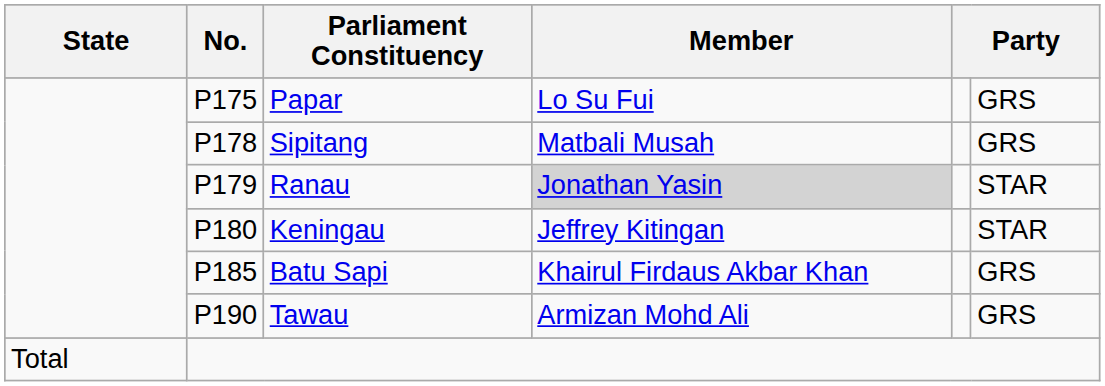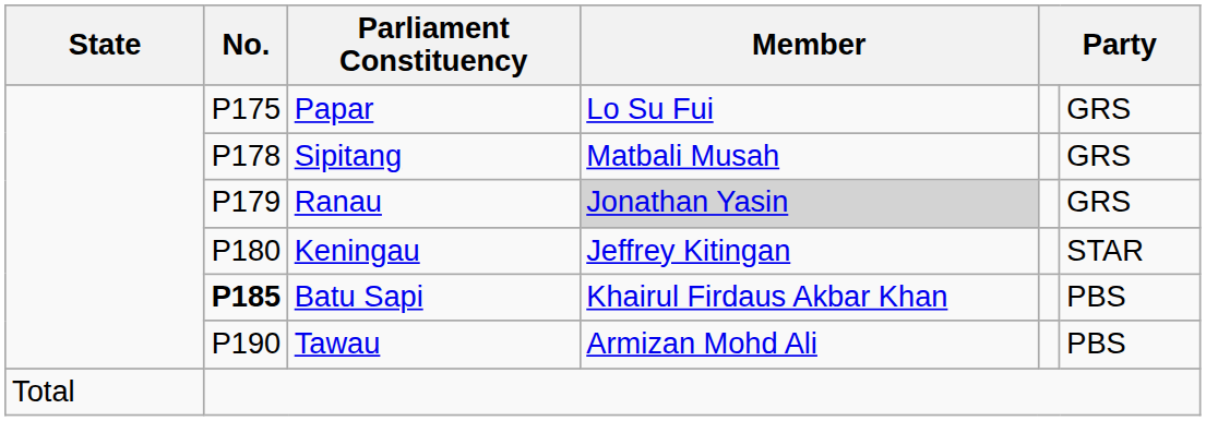 <table class ="wikitable sortable">
 <tr>
 <th style="width:100px;">State</th>
 <th style="width:30px;">No.</th>
 <th style="width:150px;">Parliament Constituency</th>
 <th style="width:240px;">Member</th>
 <th style="width:80px;" colspan=2>Party</th>
 </tr>
 <tr>
 <td rowspan="6"></td>
 <td>P175</td>
 <td><a href='#'>Papar</a></td>
 <td><a href='#'>Lo Su Fui</a></td>
 <td style="background:"></td>
 <td>GRS</td>
 </tr>
 <tr>
 <td>P178</td>
 <td><a href='#'>Sipitang</a></td>
 <td><a href='#'>Matbali Musah</a></td>
 <td style="background:"></td>
 <td>GRS</td>
 </tr>
 <tr>
 <td>P179</td>
 <td><a href='#'>Ranau</a></td>
 <td style="background: lightgrey;"><a href='#'>Jonathan Yasin</a></td>
 <td style="background:"></td>
-<td>STAR</td>
+<td>GRS</td>
 </tr>
 <tr>
 <td>P180</td>
 <td><a href='#'>Keningau</a></td>
 <td><a href='#'>Jeffrey Kitingan</a></td>
 <td style="background:"></td>
 <td>STAR</td>
 </tr>
 <tr>
-<td>P185</td>
+<td><strong>P185</strong></td>
 <td><a href='#'>Batu Sapi</a></td>
 <td><a href='#'>Khairul Firdaus Akbar Khan</a></td>
 <td style="background:"></td>
-<td>GRS</td>
+<td>PBS</td>
 </tr>
 <tr>
 <td>P190</td>
 <td><a href='#'>Tawau</a></td>
 <td><a href='#'>Armizan Mohd Ali</a></td>
 <td style="background:"></td>
-<td>GRS</td>
+<td>PBS</td>
 </tr>
 <tr>
 <td>Total</td>
 <td colspan="6" style="width:30px;"></td>
 </tr>
 </table>
